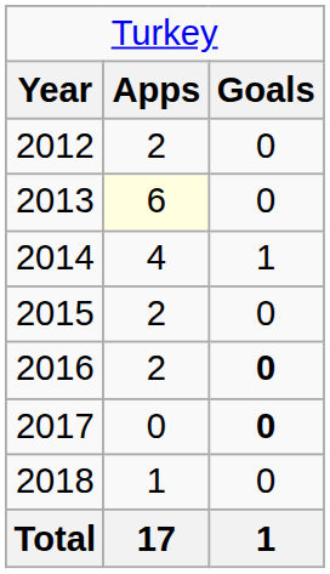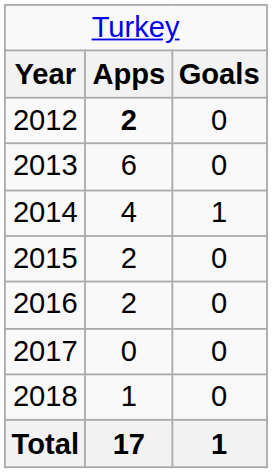 <table class="wikitable" style="text-align:center">
 <tr>
 <td colspan="7"><a href='#'>Turkey</a></td>
 </tr>
 <tr>
 <th>Year</th>
 <th>Apps</th>
 <th>Goals</th>
 </tr>
 <tr>
 <td>2012</td>
-<td>2</td>
+<td><strong>2</strong></td>
 <td>0</td>
 </tr>
 <tr>
 <td>2013</td>
-<td style="background: lightyellow;">6</td>
+<td>6</td>
 <td>0</td>
 </tr>
 <tr>
 <td>2014</td>
 <td>4</td>
 <td>1</td>
 </tr>
 <tr>
 <td>2015</td>
 <td>2</td>
 <td>0</td>
 </tr>
 <tr>
 <td>2016</td>
 <td>2</td>
-<td><strong>0</strong></td>
+<td>0</td>
 </tr>
 <tr>
 <td>2017</td>
 <td>0</td>
-<td><strong>0</strong></td>
+<td>0</td>
 </tr>
 <tr>
 <td>2018</td>
 <td>1</td>
 <td>0</td>
 </tr>
 <tr>
 <th>Total</th>
 <th>17</th>
 <th>1</th>
 </tr>
 </table>
